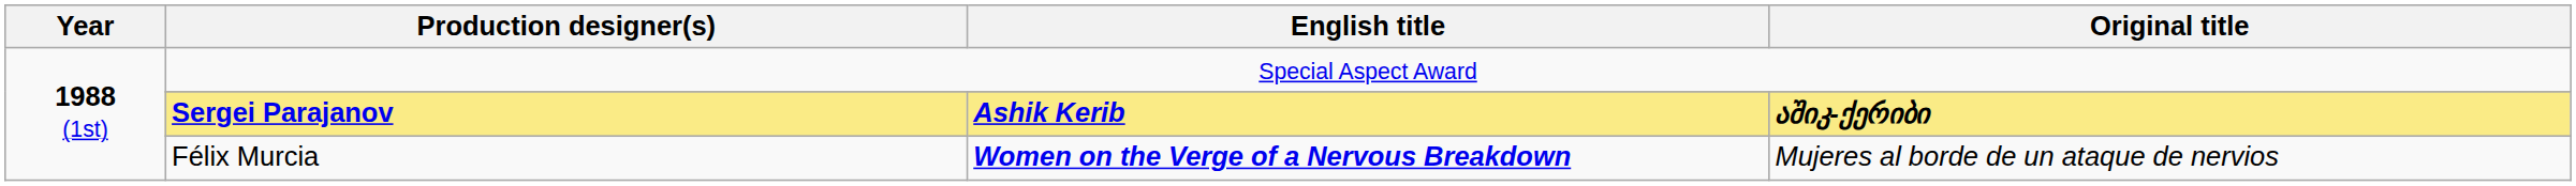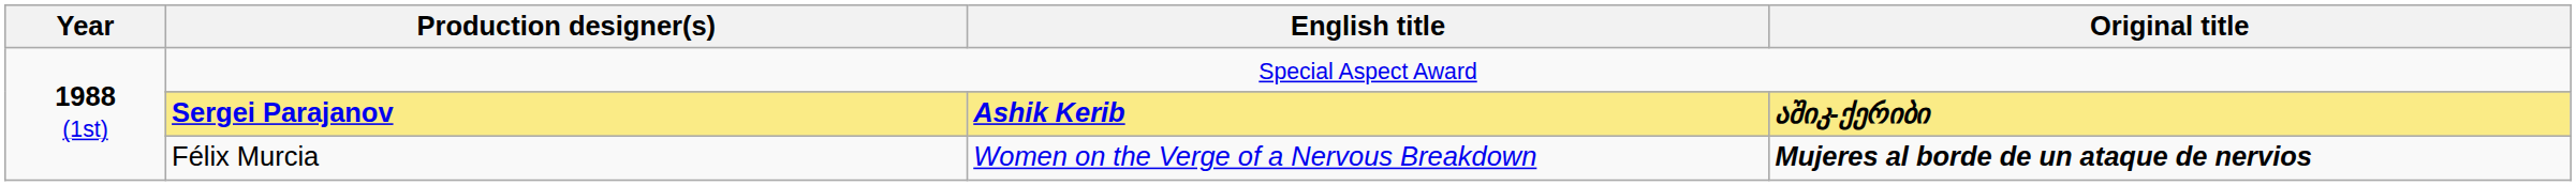 <table class="wikitable" width="95%" cellpadding="5">
 <tr>
 <th width="5%">Year</th>
 <th width="25%">Production designer(s)</th>
 <th width="25%">English title</th>
 <th width="25%">Original title</th>
 </tr>
 <tr>
 <td rowspan="3" style="text-align:center;"><strong>1988</strong><br><small><a href='#'>(1st)</a></small></td>
 <td colspan=3 style="text-align:center;"><small><a href='#'>Special Aspect Award</a></small></td>
 </tr>
 <tr>
 <td style="background:#FAEB86;"> <strong><a href='#'>Sergei Parajanov</a></strong></td>
 <td style="background:#FAEB86;"><strong><em><a href='#'>Ashik Kerib</a></em></strong></td>
 <td style="background:#FAEB86;"><strong><em>აშიკ-ქერიბი</em></strong></td>
 </tr>
 <tr>
 <td> Félix Murcia</td>
-<td><strong><em><a href='#'>Women on the Verge of a Nervous Breakdown</a></em></strong></td>
-<td><em>Mujeres al borde de un ataque de nervios</em></td>
+<td><em><a href='#'>Women on the Verge of a Nervous Breakdown</a></em></td>
+<td><strong><em>Mujeres al borde de un ataque de nervios</em></strong></td>
 </tr>
 </table>
